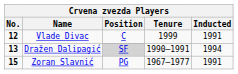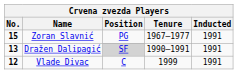 <table class="wikitable" style="text-align:center">
 <tr>
 <th colspan="5">Crvena zvezda Players</th>
 </tr>
 <tr>
 <th>No.</th>
 <th>Name</th>
 <th>Position</th>
 <th>Tenure</th>
 <th>Inducted</th>
 </tr>
 <tr>
-<td><strong>12</strong></td>
-<td><a href='#'>Vlade Divac</a></td>
-<td><a href='#'>C</a></td>
-<td>1999</td>
+<td><strong>15</strong></td>
+<td><a href='#'>Zoran Slavnić</a></td>
+<td><a href='#'>PG</a></td>
+<td>1967–1977</td>
 <td>1991</td>
 </tr>
 <tr>
 <td><strong>13</strong></td>
 <td><a href='#'>Dražen Dalipagić</a></td>
 <td style="background: lightgrey;"><a href='#'>SF</a></td>
 <td>1990–1991</td>
-<td>1994</td>
+<td>1991</td>
 </tr>
 <tr>
-<td><strong>15</strong></td>
-<td><a href='#'>Zoran Slavnić</a></td>
-<td><a href='#'>PG</a></td>
-<td>1967–1977</td>
+<td><strong>12</strong></td>
+<td><a href='#'>Vlade Divac</a></td>
+<td><a href='#'>C</a></td>
+<td>1999</td>
 <td>1991</td>
 </tr>
 </table>
